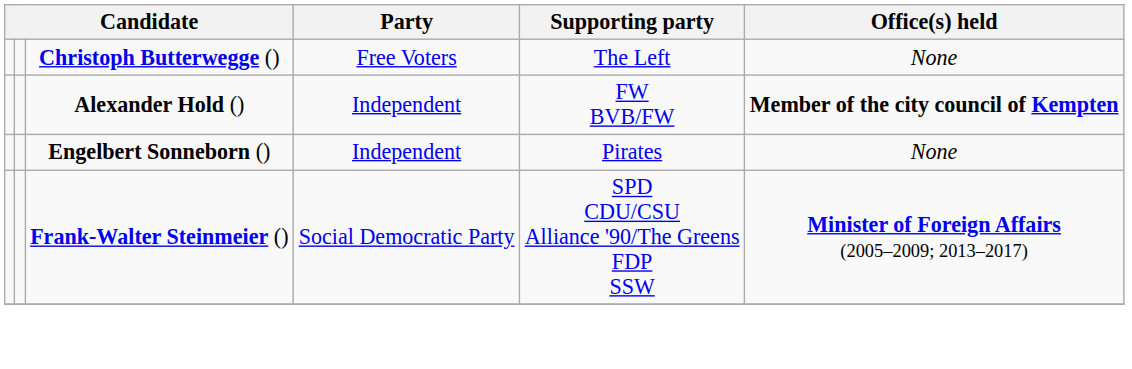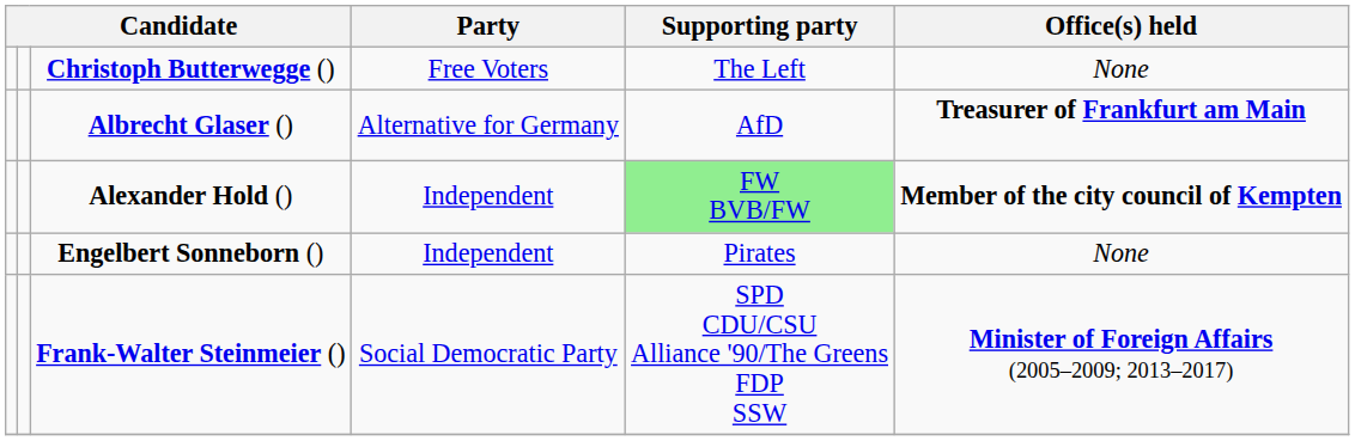 <table class="wikitable" style="text-align:center;">
 <tr>
 <th colspan="3" style="width:;">Candidate</th>
 <th>Party</th>
 <th>Supporting party</th>
 <th>Office(s) held</th>
 </tr>
 <tr>
 <td style="background-color:"></td>
 <td></td>
 <td><strong><a href='#'>Christoph Butterwegge</a></strong> ()</td>
 <td><a href='#'>Free Voters</a></td>
 <td><a href='#'>The Left</a></td>
 <td><em>None</em></td>
 </tr>
 <tr>
 <td style="background-color:"></td>
 <td></td>
+<td><strong><a href='#'>Albrecht Glaser</a></strong> ()</td>
+<td><a href='#'>Alternative for Germany</a></td>
+<td><a href='#'>AfD</a></td>
+<td><strong>Treasurer of <a href='#'>Frankfurt am Main</a></strong> <br><br></td>
+</tr>
+<tr>
+<td style="background-color:"></td>
+<td></td>
 <td><strong>Alexander Hold</strong> ()</td>
 <td><a href='#'>Independent</a></td>
-<td><a href='#'>FW</a><br><a href='#'>BVB/FW</a></td>
+<td style="background: lightgreen;"><a href='#'>FW</a><br><a href='#'>BVB/FW</a></td>
 <td><strong>Member of the city council of <a href='#'>Kempten</a></strong> <br> </td>
 </tr>
 <tr>
 <td style="background-color:"></td>
 <td></td>
 <td><strong>Engelbert Sonneborn</strong> ()</td>
 <td><a href='#'>Independent</a></td>
 <td><a href='#'>Pirates</a></td>
 <td><em>None</em></td>
 </tr>
 <tr>
 <td style="background-color:"></td>
 <td></td>
 <td><strong><a href='#'>Frank-Walter Steinmeier</a></strong> ()</td>
 <td><a href='#'>Social Democratic Party</a></td>
 <td><a href='#'>SPD</a><br><a href='#'>CDU/CSU</a><br><a href='#'>Alliance '90/The Greens</a><br><a href='#'>FDP</a><br><a href='#'>SSW</a></td>
 <td><strong><a href='#'>Minister of Foreign Affairs</a></strong><br><small>(2005–2009; 2013–2017)</small><br></td>
 </tr>
 <tr>
 </tr>
 </table>
